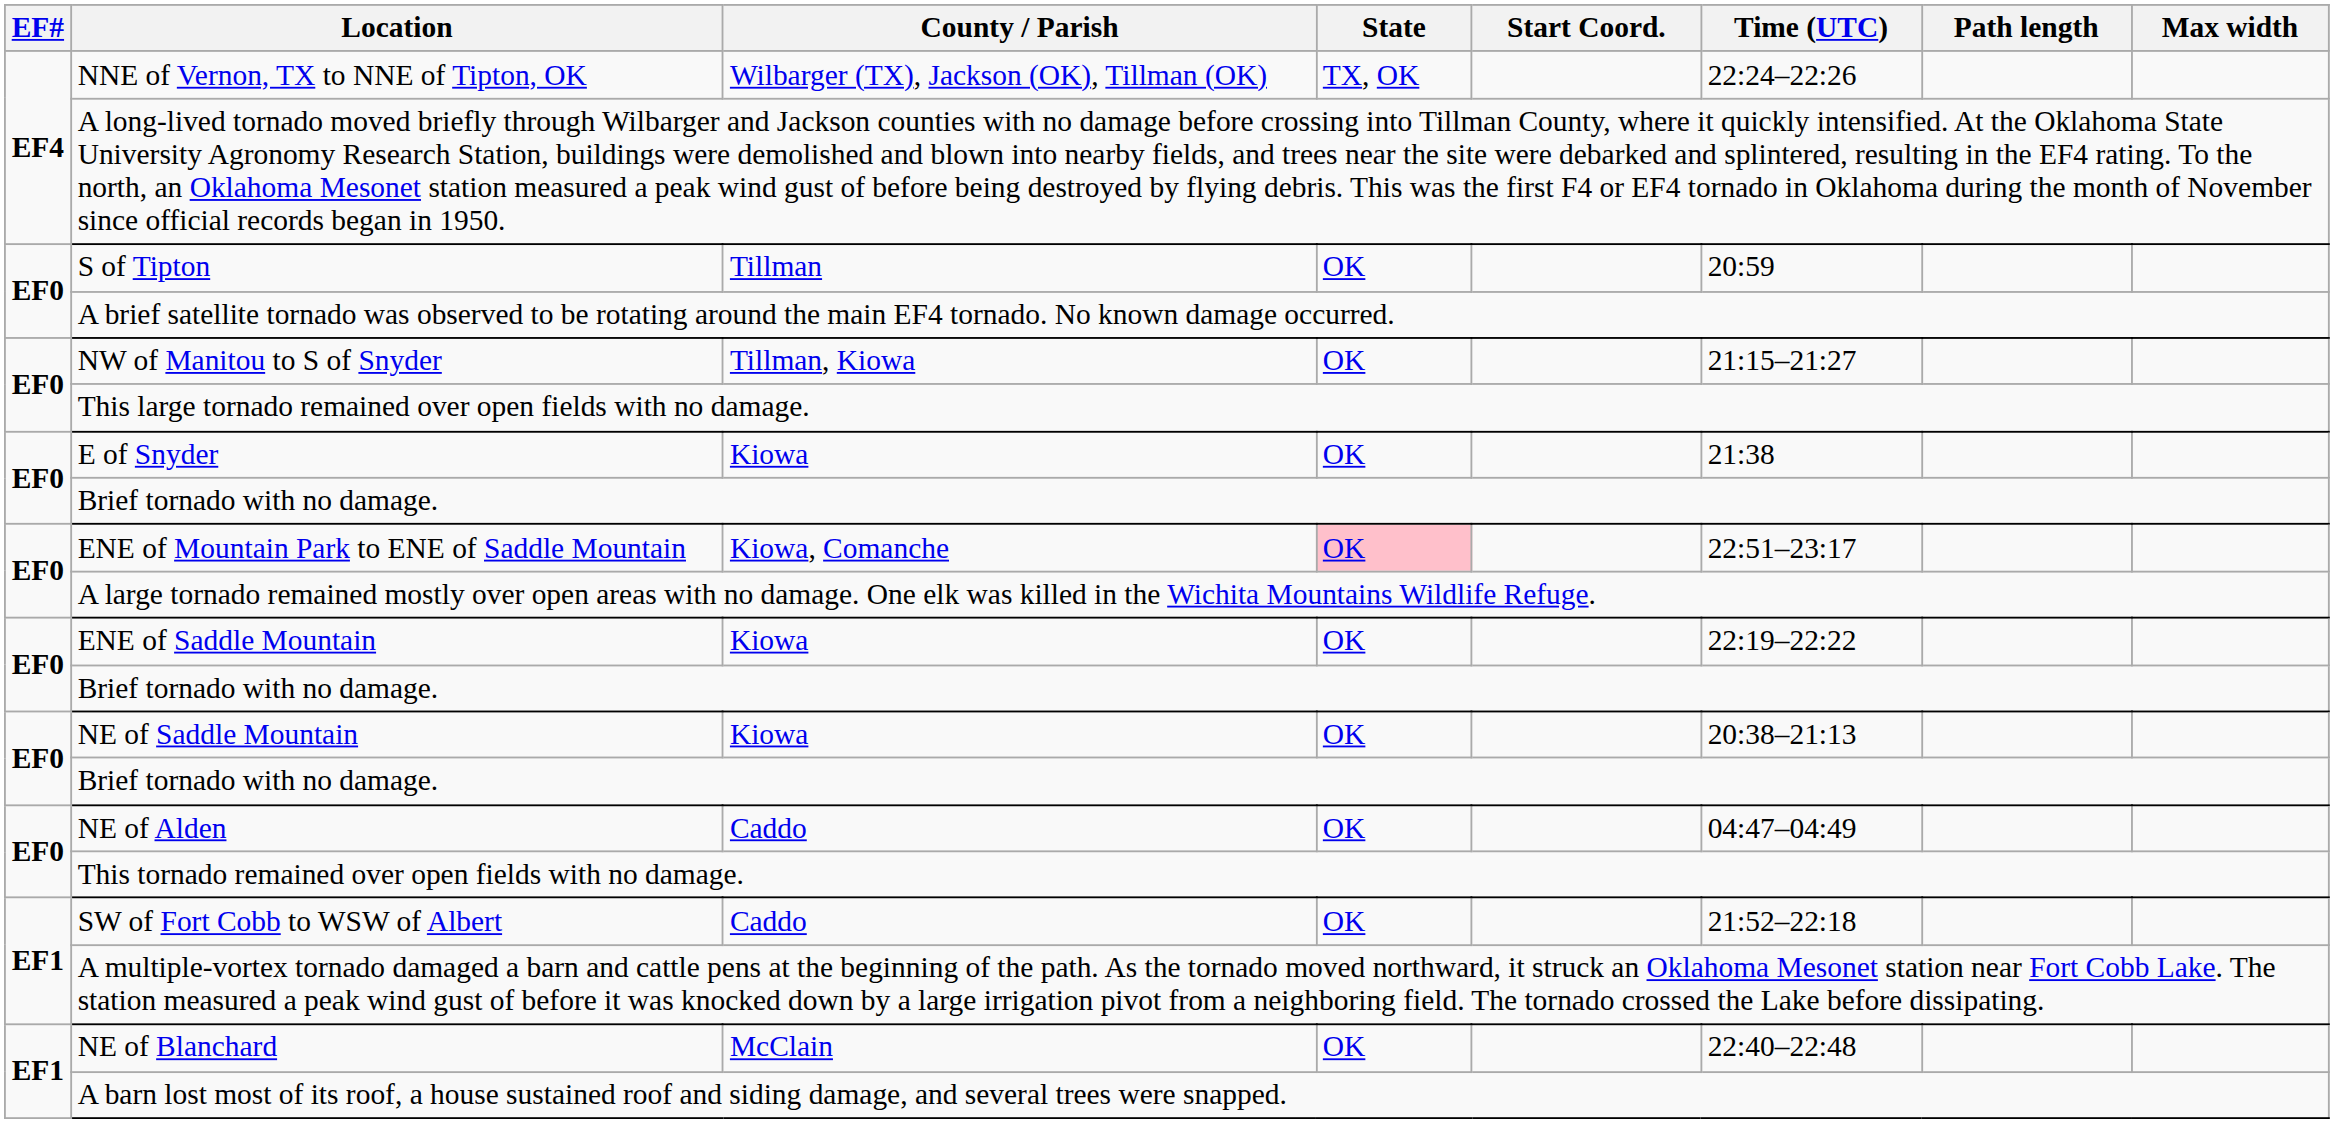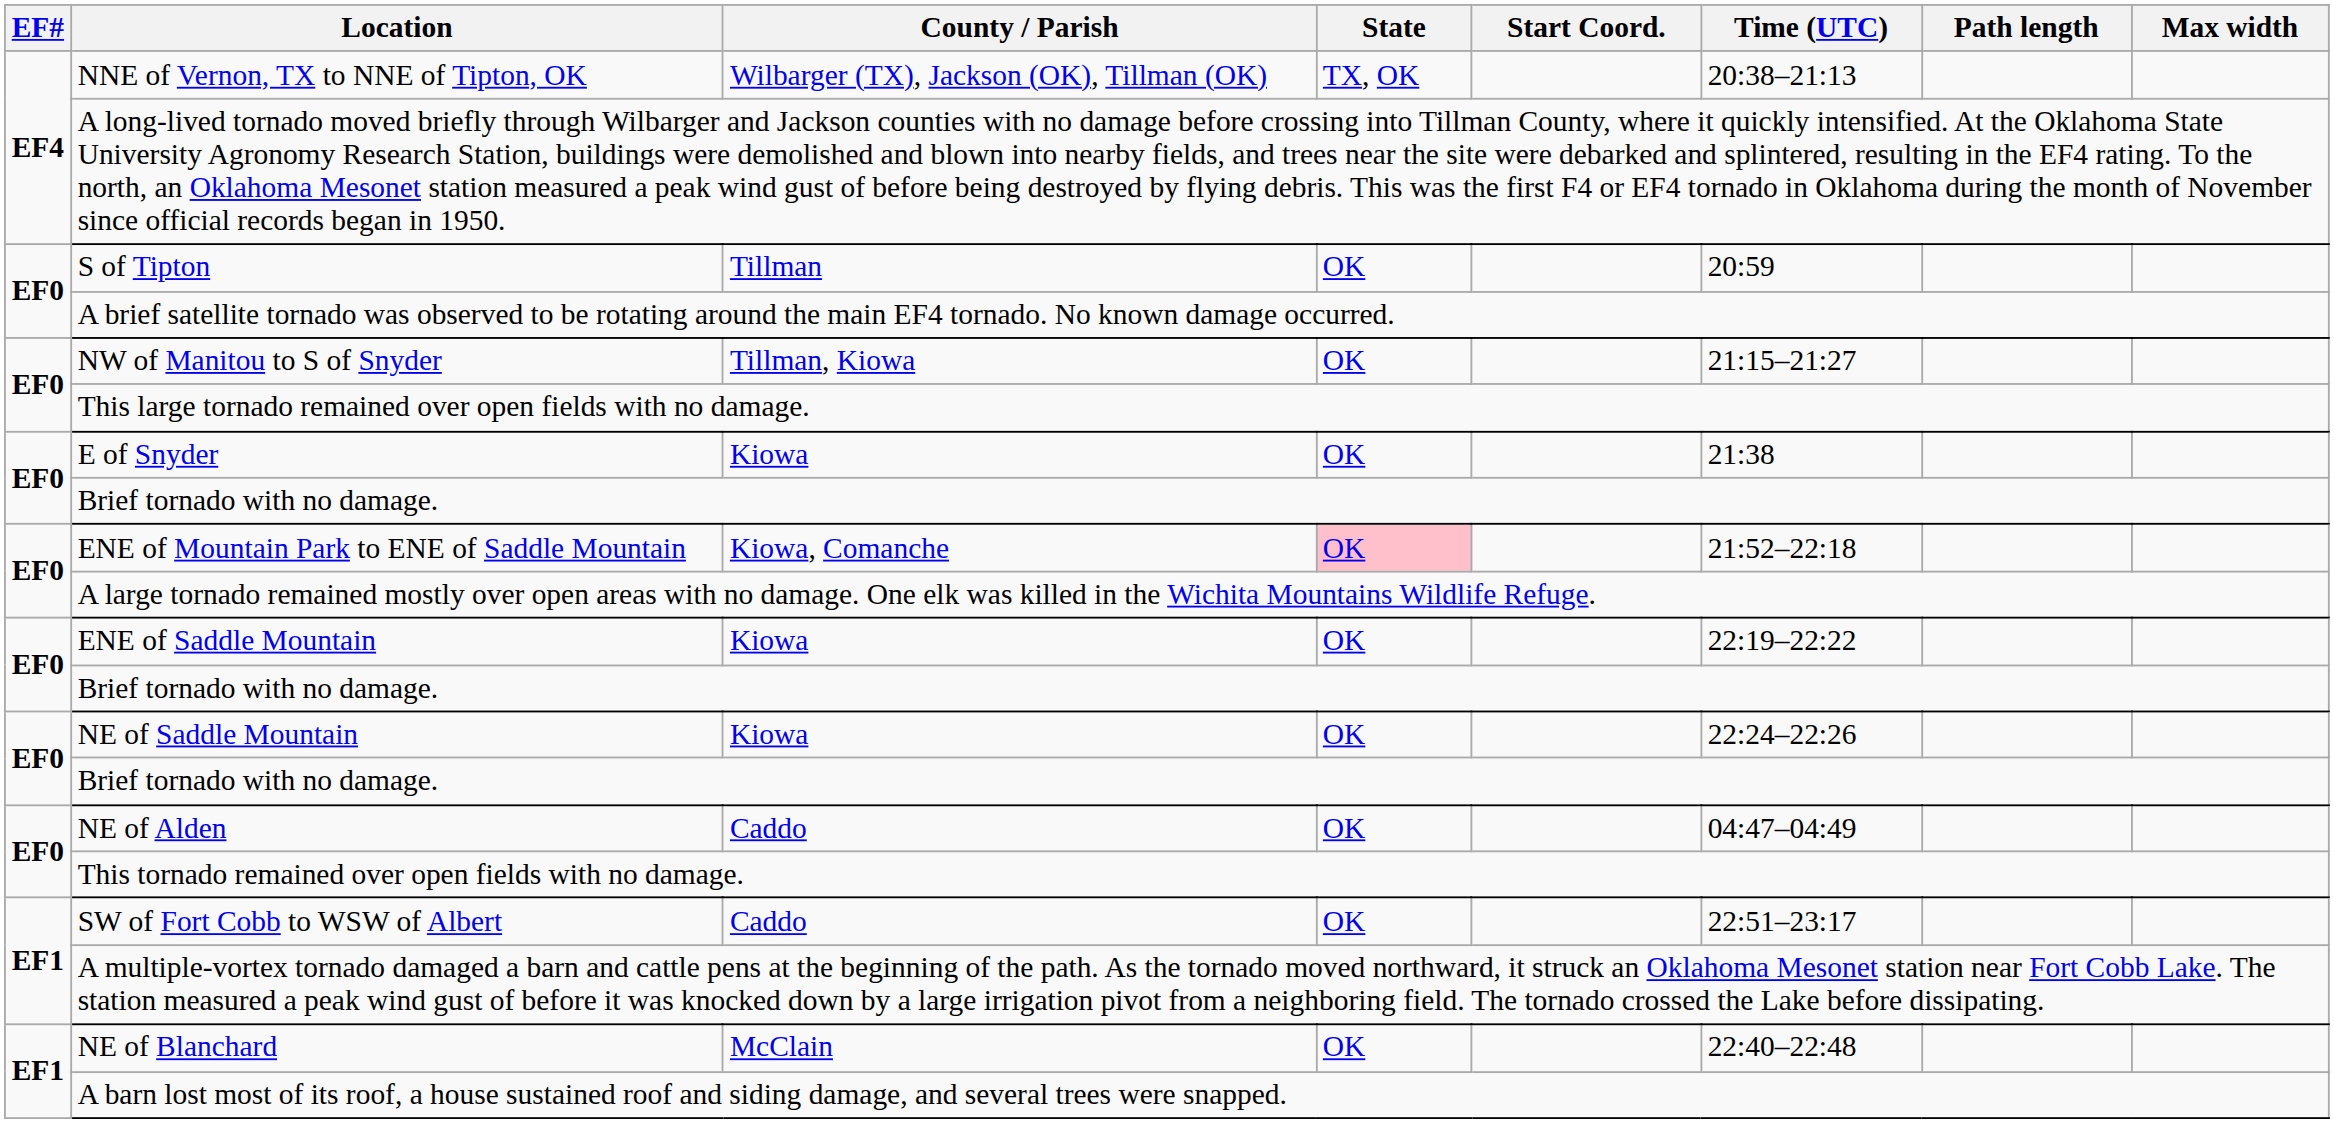 <table class="wikitable sortable" style="width:100%;">
 <tr>
 <th scope="col" width="2%" align="center"><a href='#'>EF#</a></th>
 <th scope="col" align="center" class="unsortable">Location</th>
 <th scope="col" align="center" class="unsortable">County / Parish</th>
 <th scope="col" align="center">State</th>
 <th scope="col" align="center" data-sort-type="number">Start Coord.</th>
 <th scope="col" align="center" data-sort-type="number">Time (<a href='#'>UTC</a>)</th>
 <th scope="col" align="center" data-sort-type="number">Path length</th>
 <th scope="col" align="center" data-sort-type="number">Max width</th>
 </tr>
 <tr>
 <td rowspan="2" align="center"><strong>EF4</strong></td>
 <td>NNE of <a href='#'>Vernon, TX</a> to NNE of <a href='#'>Tipton, OK</a></td>
 <td><a href='#'>Wilbarger (TX)</a>, <a href='#'>Jackson (OK)</a>, <a href='#'>Tillman (OK)</a></td>
 <td><a href='#'>TX</a>, <a href='#'>OK</a></td>
 <td></td>
-<td>22:24–22:26</td>
+<td>20:38–21:13</td>
 <td></td>
 <td></td>
 </tr>
 <tr class="expand-child">
 <td colspan="7" style=" border-bottom: 1px solid black;">A long-lived tornado moved briefly through Wilbarger and Jackson counties with no damage before crossing into Tillman County, where it quickly intensified. At the Oklahoma State University Agronomy Research Station, buildings were demolished and blown into nearby fields, and trees near the site were debarked and splintered, resulting in the EF4 rating. To the north, an <a href='#'>Oklahoma Mesonet</a> station measured a peak wind gust of  before being destroyed by flying debris. This was the first F4 or EF4 tornado in Oklahoma during the month of November since official records began in 1950.</td>
 </tr>
 <tr>
 <td rowspan="2" align="center"><strong>EF0</strong></td>
 <td>S of <a href='#'>Tipton</a></td>
 <td><a href='#'>Tillman</a></td>
 <td><a href='#'>OK</a></td>
 <td></td>
 <td>20:59</td>
 <td></td>
 <td></td>
 </tr>
 <tr class="expand-child">
 <td colspan="7" style=" border-bottom: 1px solid black;">A brief satellite tornado was observed to be rotating around the main EF4 tornado. No known damage occurred.</td>
 </tr>
 <tr>
 <td rowspan="2" align="center"><strong>EF0</strong></td>
 <td>NW of <a href='#'>Manitou</a> to S of <a href='#'>Snyder</a></td>
 <td><a href='#'>Tillman</a>, <a href='#'>Kiowa</a></td>
 <td><a href='#'>OK</a></td>
 <td></td>
 <td>21:15–21:27</td>
 <td></td>
 <td></td>
 </tr>
 <tr class="expand-child">
 <td colspan="7" style=" border-bottom: 1px solid black;">This large tornado remained over open fields with no damage.</td>
 </tr>
 <tr>
 <td rowspan="2" align="center"><strong>EF0</strong></td>
 <td>E of <a href='#'>Snyder</a></td>
 <td><a href='#'>Kiowa</a></td>
 <td><a href='#'>OK</a></td>
 <td></td>
 <td>21:38</td>
 <td></td>
 <td></td>
 </tr>
 <tr class="expand-child">
 <td colspan="7" style=" border-bottom: 1px solid black;">Brief tornado with no damage.</td>
 </tr>
 <tr>
 <td rowspan="2" align="center"><strong>EF0</strong></td>
 <td>ENE of <a href='#'>Mountain Park</a> to ENE of <a href='#'>Saddle Mountain</a></td>
 <td><a href='#'>Kiowa</a>, <a href='#'>Comanche</a></td>
 <td style="background: pink;"><a href='#'>OK</a></td>
 <td></td>
-<td>22:51–23:17</td>
+<td>21:52–22:18</td>
 <td></td>
 <td></td>
 </tr>
 <tr class="expand-child">
 <td colspan="7" style=" border-bottom: 1px solid black;">A large tornado remained mostly over open areas with no damage. One elk was killed in the <a href='#'>Wichita Mountains Wildlife Refuge</a>.</td>
 </tr>
 <tr>
 <td rowspan="2" align="center"><strong>EF0</strong></td>
 <td>ENE of <a href='#'>Saddle Mountain</a></td>
 <td><a href='#'>Kiowa</a></td>
 <td><a href='#'>OK</a></td>
 <td></td>
 <td>22:19–22:22</td>
 <td></td>
 <td></td>
 </tr>
 <tr class="expand-child">
 <td colspan="7" style=" border-bottom: 1px solid black;">Brief tornado with no damage.</td>
 </tr>
 <tr>
 <td rowspan="2" align="center"><strong>EF0</strong></td>
 <td>NE of <a href='#'>Saddle Mountain</a></td>
 <td><a href='#'>Kiowa</a></td>
 <td><a href='#'>OK</a></td>
 <td></td>
-<td>20:38–21:13</td>
+<td>22:24–22:26</td>
 <td></td>
 <td></td>
 </tr>
 <tr class="expand-child">
 <td colspan="7" style=" border-bottom: 1px solid black;">Brief tornado with no damage.</td>
 </tr>
 <tr>
 <td rowspan="2" align="center"><strong>EF0</strong></td>
 <td>NE of <a href='#'>Alden</a></td>
 <td><a href='#'>Caddo</a></td>
 <td><a href='#'>OK</a></td>
 <td></td>
 <td>04:47–04:49</td>
 <td></td>
 <td></td>
 </tr>
 <tr class="expand-child">
 <td colspan="7" style=" border-bottom: 1px solid black;">This tornado remained over open fields with no damage.</td>
 </tr>
 <tr>
 <td rowspan="2" align="center"><strong>EF1</strong></td>
 <td>SW of <a href='#'>Fort Cobb</a> to WSW of <a href='#'>Albert</a></td>
 <td><a href='#'>Caddo</a></td>
 <td><a href='#'>OK</a></td>
 <td></td>
-<td>21:52–22:18</td>
+<td>22:51–23:17</td>
 <td></td>
 <td></td>
 </tr>
 <tr class="expand-child">
 <td colspan="7" style=" border-bottom: 1px solid black;">A multiple-vortex tornado damaged a barn and cattle pens at the beginning of the path. As the tornado moved northward, it struck an <a href='#'>Oklahoma Mesonet</a> station near <a href='#'>Fort Cobb Lake</a>. The station measured a peak wind gust of  before it was knocked down by a large irrigation pivot from a neighboring field. The tornado crossed the Lake before dissipating.</td>
 </tr>
 <tr>
 <td rowspan="2" align="center"><strong>EF1</strong></td>
 <td>NE of <a href='#'>Blanchard</a></td>
 <td><a href='#'>McClain</a></td>
 <td><a href='#'>OK</a></td>
 <td></td>
 <td>22:40–22:48</td>
 <td></td>
 <td></td>
 </tr>
 <tr class="expand-child">
 <td colspan="7" style=" border-bottom: 1px solid black;">A barn lost most of its roof, a house sustained roof and siding damage, and several trees were snapped.</td>
 </tr>
 </table>
